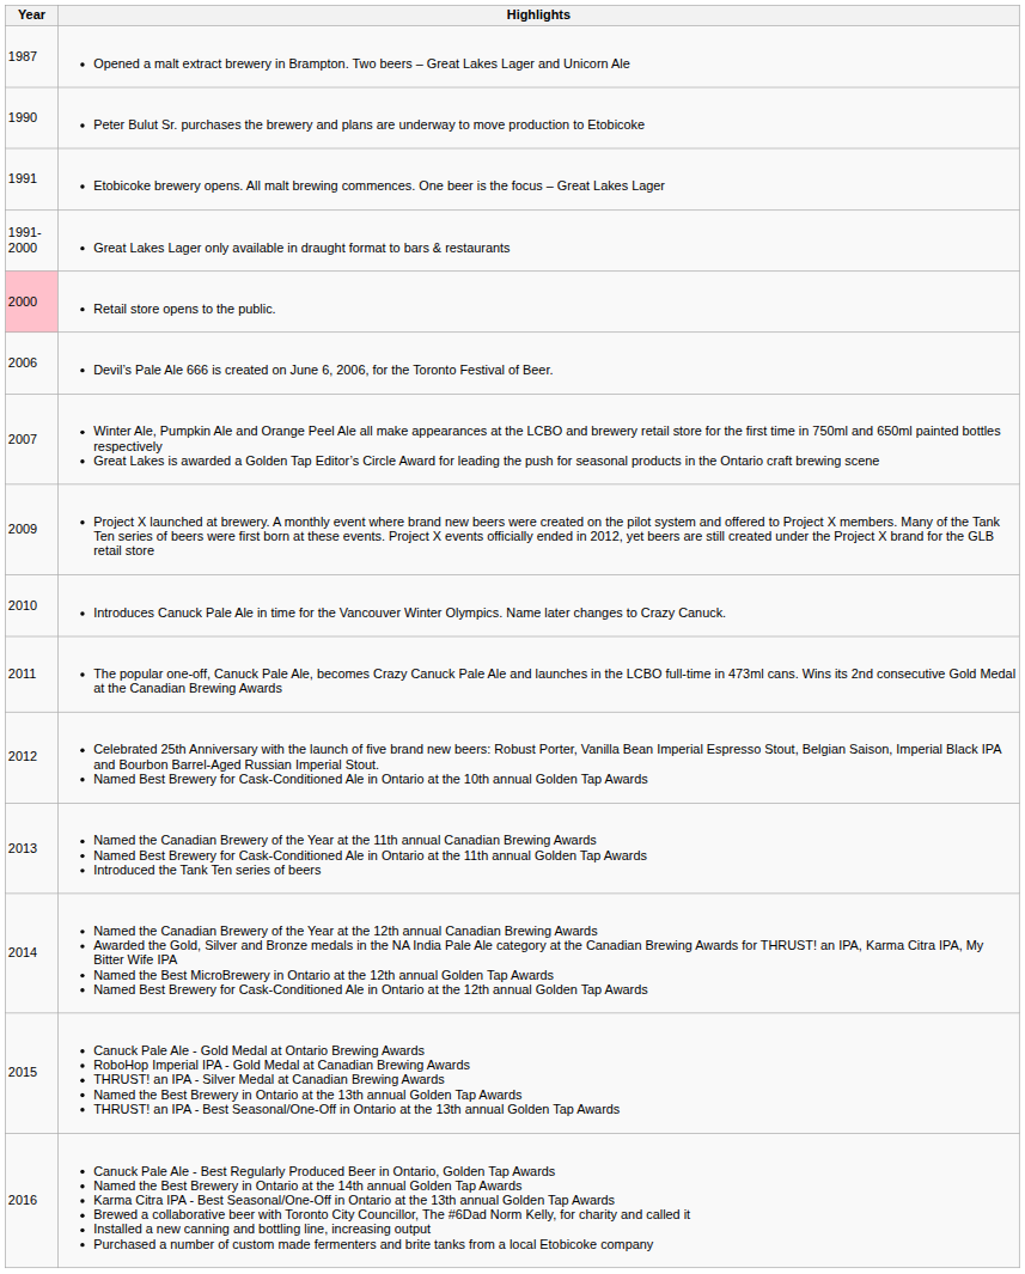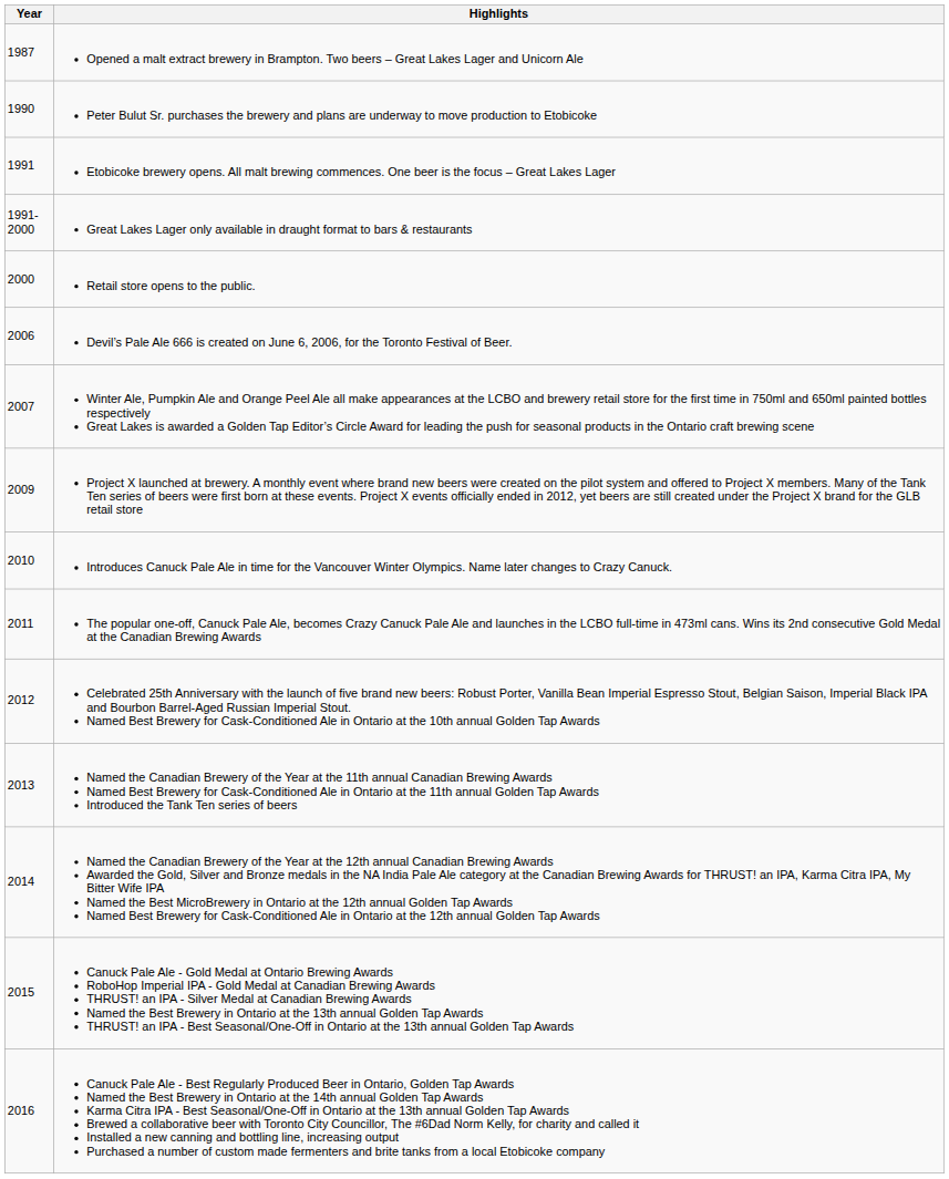 <table class="wikitable">
 <tr>
 <th>Year</th>
 <th>Highlights</th>
 </tr>
 <tr>
 <td>1987</td>
 <td><br><ul><li>Opened a malt extract brewery in Brampton. Two beers – Great Lakes Lager and Unicorn Ale</li></ul></td>
 </tr>
 <tr>
 <td>1990</td>
 <td><br><ul><li>Peter Bulut Sr. purchases the brewery and plans are underway to move production to Etobicoke</li></ul></td>
 </tr>
 <tr>
 <td>1991</td>
 <td><br><ul><li>Etobicoke brewery opens. All malt brewing commences. One beer is the focus – Great Lakes Lager</li></ul></td>
 </tr>
 <tr>
 <td>1991-2000</td>
 <td><br><ul><li>Great Lakes Lager only available in draught format to bars & restaurants</li></ul></td>
 </tr>
 <tr>
-<td style="background: pink;">2000</td>
+<td>2000</td>
 <td><br><ul><li>Retail store opens to the public.</li></ul></td>
 </tr>
 <tr>
 <td>2006</td>
 <td><br><ul><li>Devil’s Pale Ale 666 is created on June 6, 2006, for the Toronto Festival of Beer.</li></ul></td>
 </tr>
 <tr>
 <td>2007</td>
 <td><br><ul><li>Winter Ale, Pumpkin Ale and Orange Peel Ale all make appearances at the LCBO and brewery retail store for the first time in 750ml and 650ml painted bottles respectively</li><li>Great Lakes is awarded a Golden Tap Editor’s Circle Award for leading the push for seasonal products in the Ontario craft brewing scene</li></ul></td>
 </tr>
 <tr>
 <td>2009</td>
 <td><br><ul><li>Project X launched at brewery. A monthly event where brand new beers were created on the pilot system and offered to Project X members. Many of the Tank Ten series of beers were first born at these events. Project X events officially ended in 2012, yet beers are still created under the Project X brand for the GLB retail store</li></ul></td>
 </tr>
 <tr>
 <td>2010</td>
 <td><br><ul><li>Introduces Canuck Pale Ale in time for the Vancouver Winter Olympics. Name later changes to Crazy Canuck.</li></ul></td>
 </tr>
 <tr>
 <td>2011</td>
 <td><br><ul><li>The popular one-off, Canuck Pale Ale, becomes Crazy Canuck Pale Ale and launches in the LCBO full-time in 473ml cans. Wins its 2nd consecutive Gold Medal at the Canadian Brewing Awards</li></ul></td>
 </tr>
 <tr>
 <td>2012</td>
 <td><br><ul><li>Celebrated 25th Anniversary with the launch of five brand new beers: Robust Porter, Vanilla Bean Imperial Espresso Stout, Belgian Saison, Imperial Black IPA and Bourbon Barrel-Aged Russian Imperial Stout.</li><li>Named Best Brewery for Cask-Conditioned Ale in Ontario at the 10th annual Golden Tap Awards</li></ul></td>
 </tr>
 <tr>
 <td>2013</td>
 <td><br><ul><li>Named the Canadian Brewery of the Year at the 11th annual Canadian Brewing Awards</li><li>Named Best Brewery for Cask-Conditioned Ale in Ontario at the 11th annual Golden Tap Awards</li><li>Introduced the Tank Ten series of beers</li></ul></td>
 </tr>
 <tr>
 <td>2014</td>
 <td><br><ul><li>Named the Canadian Brewery of the Year at the 12th annual Canadian Brewing Awards</li><li>Awarded the Gold, Silver and Bronze medals in the NA India Pale Ale category at the Canadian Brewing Awards for THRUST! an IPA, Karma Citra IPA, My Bitter Wife IPA</li><li>Named the Best MicroBrewery in Ontario at the 12th annual Golden Tap Awards</li><li>Named Best Brewery for Cask-Conditioned Ale in Ontario at the 12th annual Golden Tap Awards</li></ul></td>
 </tr>
 <tr>
 <td>2015</td>
 <td><br><ul><li>Canuck Pale Ale - Gold Medal at Ontario Brewing Awards</li><li>RoboHop Imperial IPA - Gold Medal at Canadian Brewing Awards</li><li>THRUST! an IPA - Silver Medal at Canadian Brewing Awards</li><li>Named the Best Brewery in Ontario at the 13th annual Golden Tap Awards</li><li>THRUST! an IPA - Best Seasonal/One-Off in Ontario at the 13th annual Golden Tap Awards</li></ul></td>
 </tr>
 <tr>
 <td>2016</td>
 <td><br><ul><li>Canuck Pale Ale - Best Regularly Produced Beer in Ontario, Golden Tap Awards</li><li>Named the Best Brewery in Ontario at the 14th annual Golden Tap Awards</li><li>Karma Citra IPA - Best Seasonal/One-Off in Ontario at the 13th annual Golden Tap Awards</li><li>Brewed a collaborative beer with Toronto City Councillor, The #6Dad Norm Kelly, for charity and called it </li><li>Installed a new canning and bottling line, increasing output</li><li>Purchased a number of custom made fermenters and brite tanks from a local Etobicoke company</li></ul></td>
 </tr>
 </table>
